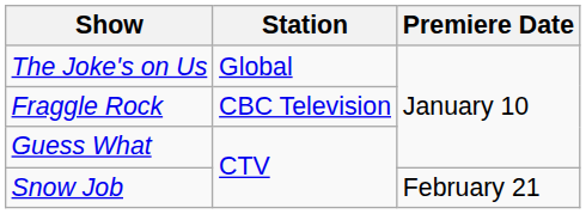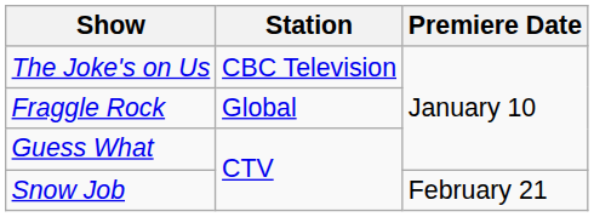 <table class="wikitable">
 <tr>
 <th>Show</th>
 <th>Station</th>
 <th>Premiere Date</th>
 </tr>
 <tr>
 <td><em><a href='#'>The Joke's on Us</a></em></td>
-<td><a href='#'>Global</a></td>
+<td><a href='#'>CBC Television</a></td>
 <td rowspan="3">January 10</td>
 </tr>
 <tr>
 <td><em><a href='#'>Fraggle Rock</a></em></td>
-<td><a href='#'>CBC Television</a></td>
+<td><a href='#'>Global</a></td>
 </tr>
 <tr>
 <td><em><a href='#'>Guess What</a></em></td>
 <td rowspan="2"><a href='#'>CTV</a></td>
 </tr>
 <tr>
 <td><em><a href='#'>Snow Job</a></em></td>
 <td>February 21</td>
 </tr>
 </table>
